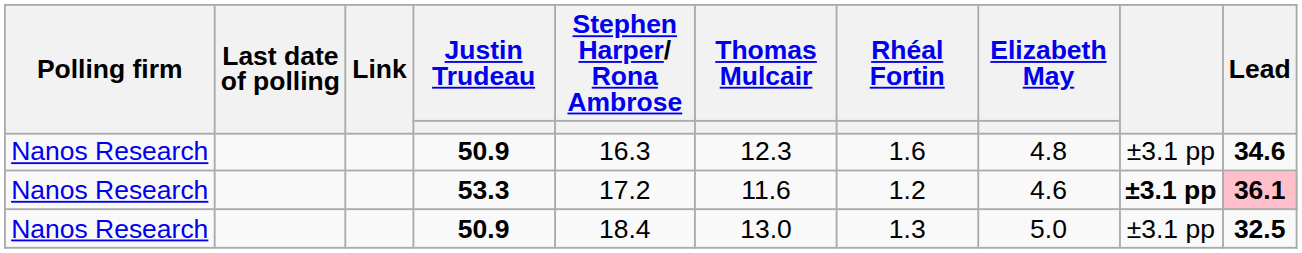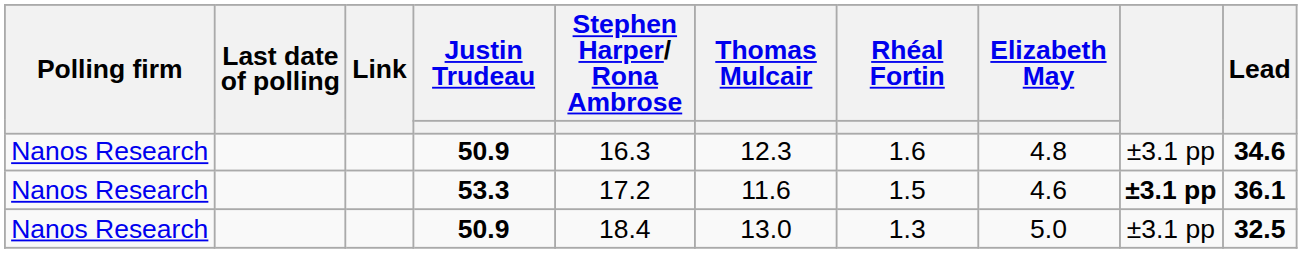 <table class="wikitable sortable mw-datatable" style="text-align:center;font-size:90%;line-height:14px;">
 <tr>
 <th rowspan="2">Polling firm</th>
 <th rowspan="2">Last date<br>of polling</th>
 <th rowspan="2">Link</th>
 <th class="unsortable" style="width:70px;"><a href='#'>Justin Trudeau</a></th>
 <th class="unsortable" style="width:70px;"><a href='#'>Stephen Harper</a>/<br><a href='#'>Rona Ambrose</a></th>
 <th class="unsortable" style="width:70px;"><a href='#'>Thomas Mulcair</a></th>
 <th class="unsortable" style="width:70px;"><a href='#'>Rhéal Fortin</a></th>
 <th class="unsortable" style="width:70px;"><a href='#'>Elizabeth May</a></th>
 <th rowspan="2"></th>
 <th rowspan="2">Lead</th>
 </tr>
 <tr style="background:#e9e9e9;">
 <th style="background-color:"></th>
 <th style="background-color:"></th>
 <th style="background-color:"></th>
 <th style="background-color:"></th>
 <th style="background-color:"></th>
 </tr>
 <tr>
 <td><a href='#'>Nanos Research</a></td>
 <td></td>
 <td></td>
 <td><strong>50.9</strong></td>
 <td>16.3</td>
 <td>12.3</td>
 <td>1.6</td>
 <td>4.8</td>
 <td>±3.1 pp</td>
 <td><strong>34.6</strong></td>
 </tr>
 <tr>
 <td><a href='#'>Nanos Research</a></td>
 <td></td>
 <td></td>
 <td><strong>53.3</strong></td>
 <td>17.2</td>
 <td>11.6</td>
-<td>1.2</td>
+<td>1.5</td>
 <td>4.6</td>
 <td><strong>±3.1 pp</strong></td>
-<td style="background: pink;"><strong>36.1</strong></td>
+<td><strong>36.1</strong></td>
 </tr>
 <tr>
 <td><a href='#'>Nanos Research</a></td>
 <td></td>
 <td></td>
 <td><strong>50.9</strong></td>
 <td>18.4</td>
 <td>13.0</td>
 <td>1.3</td>
 <td>5.0</td>
 <td>±3.1 pp</td>
 <td><strong>32.5</strong></td>
 </tr>
 </table>
